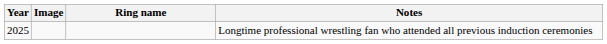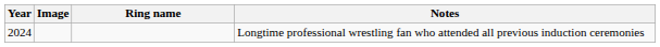 <table class="wikitable sortable">
 <tr>
 <th style="width:1%;"><strong>Year</strong></th>
 <th width="1%"><strong>Image</strong></th>
 <th style="width:25%;"><strong>Ring name</strong><br></th>
 <th class="unsortable"><strong>Notes</strong></th>
 </tr>
 <tr>
-<td>2025</td>
+<td>2024</td>
 <td></td>
 <td></td>
 <td>Longtime professional wrestling fan who attended all previous induction ceremonies</td>
 </tr>
 </table>
